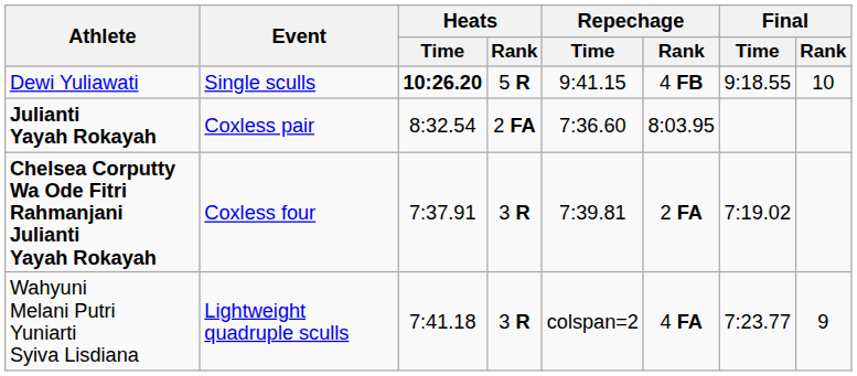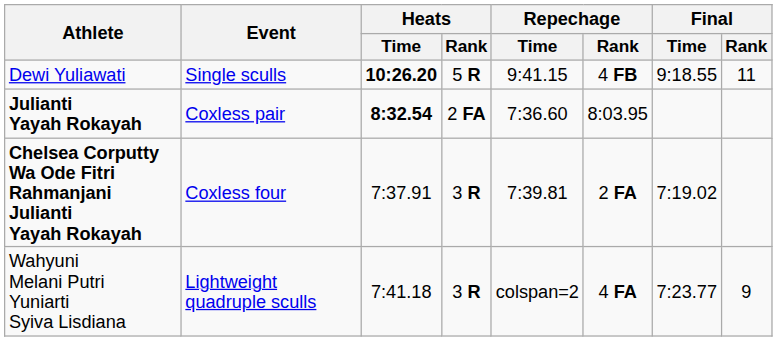 <table class=wikitable style=font-size:90%;text-align:center>
 <tr>
 <th rowspan=2>Athlete</th>
 <th rowspan=2>Event</th>
 <th colspan=2>Heats</th>
 <th colspan=2>Repechage</th>
 <th colspan=2>Final</th>
 </tr>
 <tr style="font-size:95%">
 <th>Time</th>
 <th>Rank</th>
 <th>Time</th>
 <th>Rank</th>
 <th>Time</th>
 <th>Rank</th>
 </tr>
 <tr>
 <td align=left><a href='#'>Dewi Yuliawati</a></td>
 <td align=left><a href='#'>Single sculls</a></td>
 <td><strong>10:26.20</strong></td>
 <td>5 <strong>R</strong></td>
 <td>9:41.15</td>
 <td>4 <strong>FB</strong></td>
 <td>9:18.55</td>
-<td>10</td>
+<td>11</td>
 </tr>
 <tr>
 <td align=left><strong>Julianti<br>Yayah Rokayah</strong></td>
 <td align=left><a href='#'>Coxless pair</a></td>
-<td>8:32.54</td>
+<td><strong>8:32.54</strong></td>
 <td>2 <strong>FA</strong></td>
 <td>7:36.60</td>
 <td>8:03.95</td>
 <td></td>
 </tr>
 <tr>
 <td align=left><strong>Chelsea Corputty<br>Wa Ode Fitri Rahmanjani<br>Julianti<br>Yayah Rokayah</strong></td>
 <td align=left><a href='#'>Coxless four</a></td>
 <td>7:37.91</td>
 <td>3 <strong>R</strong></td>
 <td>7:39.81</td>
 <td>2 <strong>FA</strong></td>
 <td>7:19.02</td>
 <td></td>
 </tr>
 <tr>
 <td align=left>Wahyuni<br>Melani Putri<br>Yuniarti<br>Syiva Lisdiana</td>
 <td align=left><a href='#'>Lightweight quadruple sculls</a></td>
 <td>7:41.18</td>
 <td>3 <strong>R</strong></td>
 <td>colspan=2 </td>
 <td>4 <strong>FA</strong></td>
 <td>7:23.77</td>
 <td>9</td>
 </tr>
 </table>
